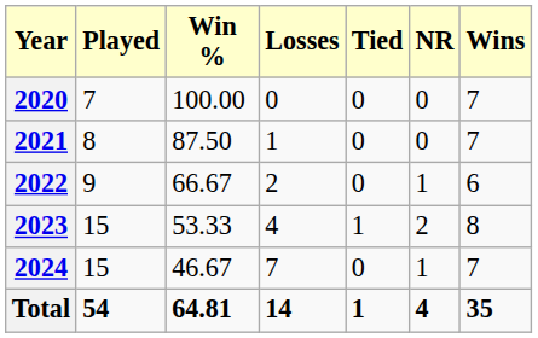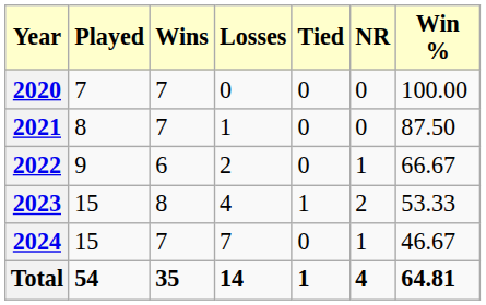 <table class="wikitable" style="width:25%;">
 <tr>
 <th style="background:#ffc;">Year</th>
 <th style="background:#ffc;">Played</th>
-<th style="background:#ffc;">Win %</th>
+<th style="background:#ffc;">Wins</th>
 <th style="background:#ffc;">Losses</th>
 <th style="background:#ffc;">Tied</th>
 <th style="background:#ffc;">NR</th>
-<th style="background:#ffc;">Wins</th>
+<th style="background:#ffc;">Win %</th>
 </tr>
 <tr>
 <th><a href='#'>2020</a></th>
 <td>7</td>
-<td>100.00</td>
+<td>7</td>
 <td>0</td>
 <td>0</td>
 <td>0</td>
-<td>7</td>
+<td>100.00</td>
 </tr>
 <tr>
 <th><a href='#'>2021</a></th>
 <td>8</td>
-<td>87.50</td>
+<td>7</td>
 <td>1</td>
 <td>0</td>
 <td>0</td>
-<td>7</td>
+<td>87.50</td>
 </tr>
 <tr>
 <th><a href='#'>2022</a></th>
 <td>9</td>
-<td>66.67</td>
+<td>6</td>
 <td>2</td>
 <td>0</td>
 <td>1</td>
-<td>6</td>
+<td>66.67</td>
 </tr>
 <tr>
 <th><a href='#'>2023</a></th>
 <td>15</td>
-<td>53.33</td>
+<td>8</td>
 <td>4</td>
 <td>1</td>
 <td>2</td>
-<td>8</td>
+<td>53.33</td>
 </tr>
 <tr>
 <th><a href='#'>2024</a></th>
 <td>15</td>
-<td>46.67</td>
+<td>7</td>
 <td>7</td>
 <td>0</td>
 <td>1</td>
-<td>7</td>
+<td>46.67</td>
 </tr>
 <tr>
 <th>Total</th>
 <td><strong>54</strong></td>
-<td><strong>64.81</strong></td>
+<td><strong>35</strong></td>
 <td><strong>14</strong></td>
 <td><strong>1</strong></td>
 <td><strong>4</strong></td>
-<td><strong>35</strong></td>
+<td><strong>64.81</strong></td>
 </tr>
 </table>
